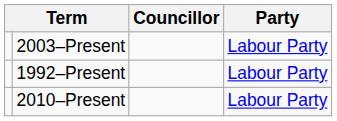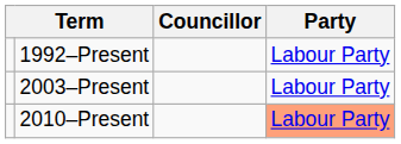 <table class="wikitable">
 <tr>
 <th colspan=2>Term</th>
 <th>Councillor</th>
 <th>Party</th>
+</tr>
+<tr>
+<td style="background-color: "></td>
+<td>1992–Present</td>
+<td></td>
+<td><a href='#'>Labour Party</a></td>
 </tr>
 <tr>
 <td style="background-color: "></td>
 <td>2003–Present</td>
 <td></td>
 <td><a href='#'>Labour Party</a></td>
 </tr>
 <tr>
 <td style="background-color: "></td>
-<td>1992–Present</td>
-<td></td>
-<td><a href='#'>Labour Party</a></td>
-</tr>
-<tr>
-<td style="background-color: "></td>
 <td>2010–Present</td>
 <td></td>
-<td><a href='#'>Labour Party</a></td>
+<td style="background: lightsalmon;"><a href='#'>Labour Party</a></td>
 </tr>
 </table>
